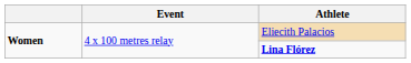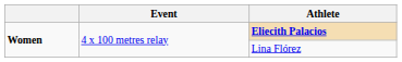 <table class=wikitable style="font-size:90%" width=60%>
 <tr>
 <th></th>
 <th>Event</th>
 <th>Athlete</th>
 </tr>
 <tr>
 <td rowspan=2><strong>Women</strong></td>
 <td rowspan=2><a href='#'>4 x 100 metres relay</a></td>
-<td bgcolor="wheat"><a href='#'>Eliecith Palacios</a></td>
+<td bgcolor="wheat"><strong><a href='#'>Eliecith Palacios</a></strong></td>
 </tr>
 <tr>
-<td><strong><a href='#'>Lina Flórez</a></strong></td>
+<td><a href='#'>Lina Flórez</a></td>
 </tr>
 </table>
